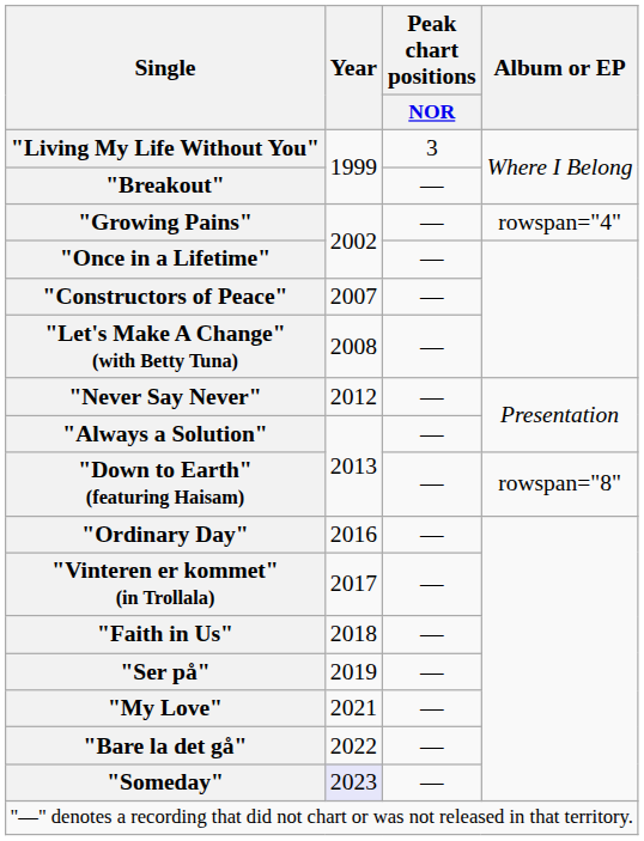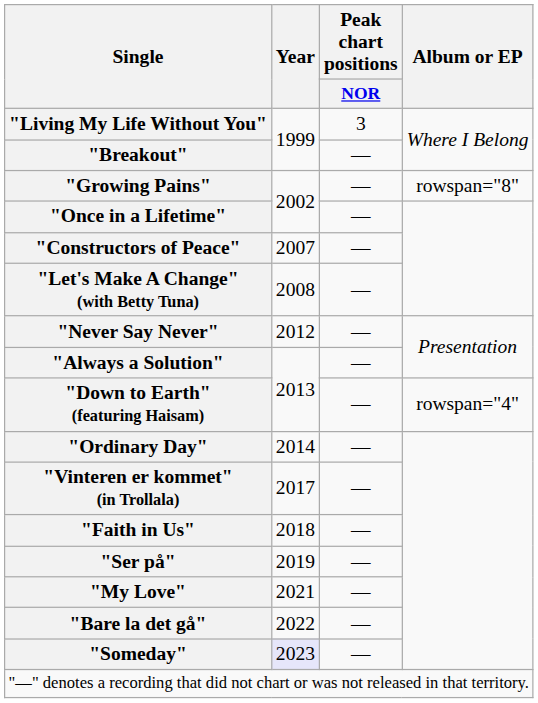 <table class="wikitable plainrowheaders" style="text-align:center;">
 <tr>
 <th scope="col" rowspan="2">Single</th>
 <th scope="col" rowspan="2">Year</th>
 <th scope="col" colspan="1">Peak chart positions</th>
 <th scope="col" rowspan="2">Album or EP</th>
 </tr>
 <tr>
 <th scope="col" style="width:3em;font-size:90%;"><a href='#'>NOR</a><br></th>
 </tr>
 <tr>
 <th scope="row">"Living My Life Without You"</th>
 <td rowspan="2">1999</td>
 <td>3</td>
 <td rowspan="2"><em>Where I Belong</em></td>
 </tr>
 <tr>
 <th scope="row">"Breakout"</th>
 <td>—</td>
 </tr>
 <tr>
 <th scope="row">"Growing Pains"</th>
 <td rowspan="2">2002</td>
 <td>—</td>
-<td>rowspan="4" </td>
+<td>rowspan="8" </td>
 </tr>
 <tr>
 <th scope="row">"Once in a Lifetime"</th>
 <td>—</td>
 </tr>
 <tr>
 <th scope="row">"Constructors of Peace"</th>
 <td>2007</td>
 <td>—</td>
 </tr>
 <tr>
 <th scope="row">"Let's Make A Change"<br><small>(with Betty Tuna)</small></th>
 <td>2008</td>
 <td>—</td>
 </tr>
 <tr>
 <th scope="row">"Never Say Never"</th>
 <td>2012</td>
 <td>—</td>
 <td rowspan="2"><em>Presentation</em></td>
 </tr>
 <tr>
 <th scope="row">"Always a Solution"</th>
 <td rowspan="2">2013</td>
 <td>—</td>
 </tr>
 <tr>
 <th scope="row">"Down to Earth"<br><small>(featuring Haisam)</small></th>
 <td>—</td>
-<td>rowspan="8" </td>
+<td>rowspan="4" </td>
 </tr>
 <tr>
 <th scope="row">"Ordinary Day"</th>
-<td>2016</td>
+<td>2014</td>
 <td>—</td>
 </tr>
 <tr>
 <th scope="row">"Vinteren er kommet"<br><small>(in Trollala)</small></th>
 <td>2017</td>
 <td>—</td>
 </tr>
 <tr>
 <th scope="row">"Faith in Us"</th>
 <td>2018</td>
 <td>—</td>
 </tr>
 <tr>
 <th scope="row">"Ser på"</th>
 <td>2019</td>
 <td>—</td>
 </tr>
 <tr>
 <th scope="row">"My Love"</th>
 <td>2021</td>
 <td>—</td>
 </tr>
 <tr>
 <th scope="row">"Bare la det gå"</th>
 <td>2022</td>
 <td>—</td>
 </tr>
 <tr>
 <th scope="row">"Someday"</th>
 <td style="background: lavender;">2023</td>
 <td>—</td>
 </tr>
 <tr>
 <td colspan="4" style="font-size:85%">"—" denotes a recording that did not chart or was not released in that territory.</td>
 </tr>
 </table>
